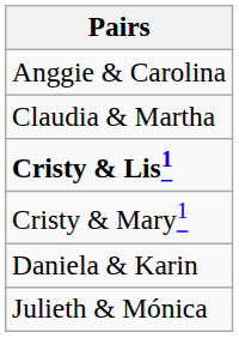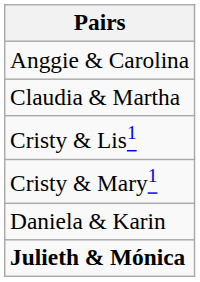 <table class="wikitable">
 <tr>
 <th><strong>Pairs</strong></th>
 </tr>
 <tr>
 <td>Anggie & Carolina</td>
 </tr>
 <tr>
 <td>Claudia & Martha</td>
 </tr>
 <tr>
-<td><strong>Cristy & Lis<a href='#'><sup>1</sup></a></strong></td>
+<td>Cristy & Lis<a href='#'><sup>1</sup></a></td>
 </tr>
 <tr>
 <td>Cristy & Mary<a href='#'><sup>1</sup></a></td>
 </tr>
 <tr>
 <td>Daniela & Karin</td>
 </tr>
 <tr>
-<td>Julieth & Mónica</td>
+<td><strong>Julieth & Mónica</strong></td>
 </tr>
 </table>
